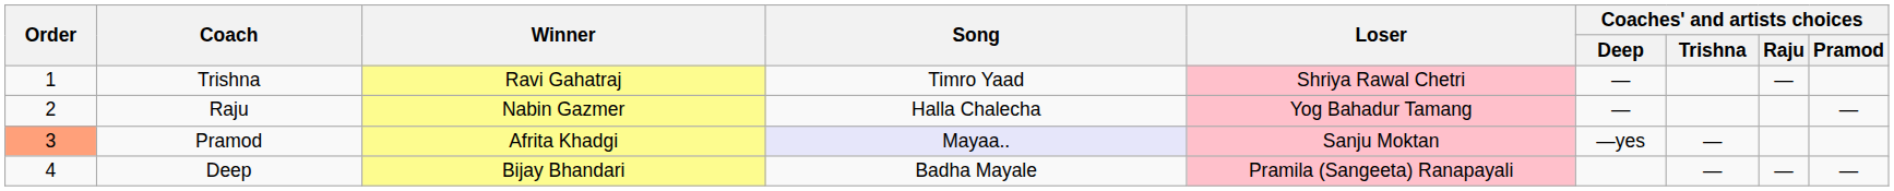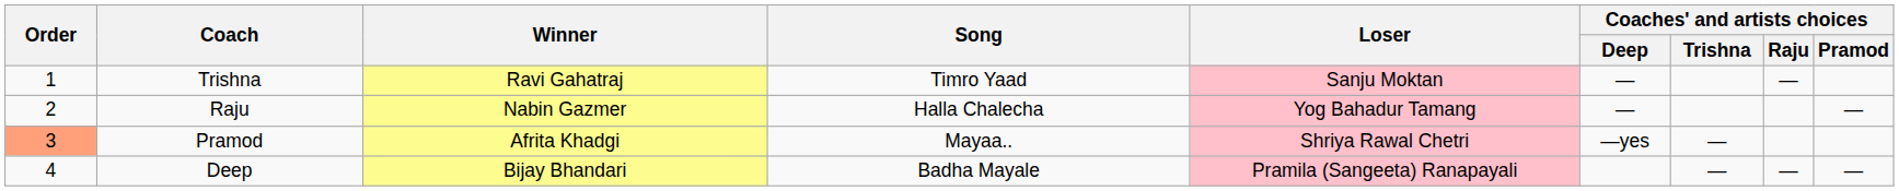 <table class="wikitable plainrowheaders" style="text-align:center; width:100%;">
 <tr>
 <th scope="col" style="width:05%;" rowspan="2">Order</th>
 <th scope="col" style="width:15%;" rowspan="2">Coach</th>
 <th scope="col" style="width:23%;" rowspan="2">Winner</th>
 <th scope="col" style="width:24%;" rowspan="2">Song</th>
 <th scope="col" style="width:22%;" rowspan="2">Loser</th>
 <th scope="col" style="width:20%;" colspan="4">Coaches' and artists choices</th>
 </tr>
 <tr>
 <th scope="col" style="width:05%;">Deep</th>
 <th scope="col" style="width:05%;">Trishna</th>
 <th scope="col" style="width:05%;">Raju</th>
 <th scope="col" style="width:05%;">Pramod</th>
 </tr>
 <tr>
 <td scope="row">1</td>
 <td>Trishna</td>
 <td style="background:#fdfc8f;text-align:center;">Ravi Gahatraj</td>
 <td>Timro Yaad</td>
-<td style="background:pink;text-align:center;">Shriya Rawal Chetri</td>
+<td style="background:pink;text-align:center;">Sanju Moktan</td>
 <td>—</td>
 <td></td>
 <td>—</td>
 </tr>
 <tr>
 <td scope="row">2</td>
 <td>Raju</td>
 <td style="background:#fdfc8f;text-align:center;">Nabin Gazmer</td>
 <td>Halla Chalecha</td>
 <td style="background:pink;text-align:center;">Yog Bahadur Tamang</td>
 <td>—</td>
 <td></td>
 <td></td>
 <td>—</td>
 </tr>
 <tr>
 <td scope="row" style="background: lightsalmon;">3</td>
 <td>Pramod</td>
 <td style="background:#fdfc8f;text-align:center;">Afrita Khadgi</td>
-<td style="background: lavender;">Mayaa..</td>
-<td style="background:pink;text-align:center;">Sanju Moktan</td>
+<td>Mayaa..</td>
+<td style="background:pink;text-align:center;">Shriya Rawal Chetri</td>
 <td>—yes</td>
 <td>—</td>
 <td></td>
 </tr>
 <tr>
 <td scope="row">4</td>
 <td>Deep</td>
 <td style="background:#fdfc8f;text-align:center;">Bijay Bhandari</td>
 <td>Badha Mayale</td>
 <td style="background:pink;text-align:center;">Pramila (Sangeeta) Ranapayali</td>
 <td></td>
 <td>—</td>
 <td>—</td>
 <td>—</td>
 </tr>
 </table>
